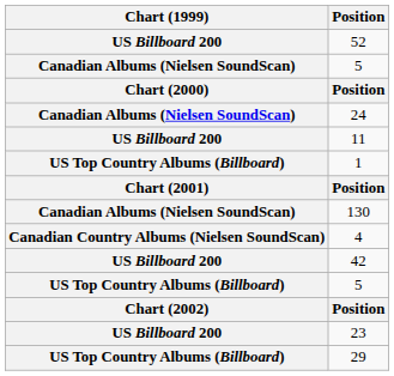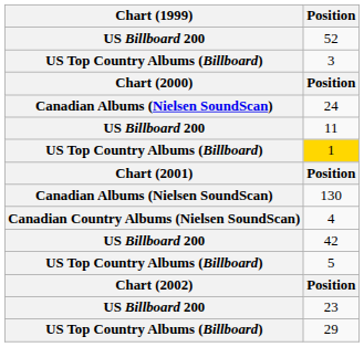 <table class="wikitable plainrowheaders" style="text-align:center">
 <tr>
 <th scope="col">Chart (1999)</th>
 <th scope="col">Position</th>
 </tr>
 <tr>
 <th scope="row">US <em>Billboard</em> 200</th>
 <td>52</td>
 </tr>
 <tr>
-<th scope="row">Canadian Albums (Nielsen SoundScan)</th>
-<td>5</td>
+<th scope="row">US Top Country Albums (<em>Billboard</em>)</th>
+<td>3</td>
 </tr>
 <tr>
 <th scope="col">Chart (2000)</th>
 <th scope="col">Position</th>
 </tr>
 <tr>
 <th scope="row">Canadian Albums (<a href='#'>Nielsen SoundScan</a>)</th>
 <td>24</td>
 </tr>
 <tr>
 <th scope="row">US <em>Billboard</em> 200</th>
 <td>11</td>
 </tr>
 <tr>
 <th scope="row">US Top Country Albums (<em>Billboard</em>)</th>
-<td>1</td>
+<td style="background: gold;">1</td>
 </tr>
 <tr>
 <th scope="col">Chart (2001)</th>
 <th scope="col">Position</th>
 </tr>
 <tr>
 <th scope="row">Canadian Albums (Nielsen SoundScan)</th>
 <td>130</td>
 </tr>
 <tr>
 <th scope="row">Canadian Country Albums (Nielsen SoundScan)</th>
 <td>4</td>
 </tr>
 <tr>
 <th scope="row">US <em>Billboard</em> 200</th>
 <td>42</td>
 </tr>
 <tr>
 <th scope="row">US Top Country Albums (<em>Billboard</em>)</th>
 <td>5</td>
 </tr>
 <tr>
 <th scope="col">Chart (2002)</th>
 <th scope="col">Position</th>
 </tr>
 <tr>
 <th scope="row">US <em>Billboard</em> 200</th>
 <td>23</td>
 </tr>
 <tr>
 <th scope="row">US Top Country Albums (<em>Billboard</em>)</th>
 <td>29</td>
 </tr>
 </table>
